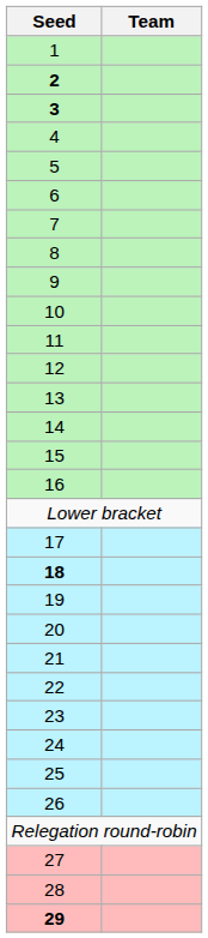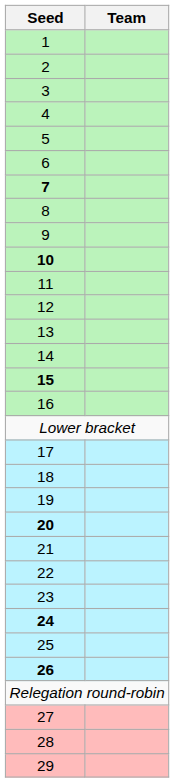 <table class="wikitable" style="float:right;text-align:center;font-size: 90%;">
 <tr>
 <th>Seed</th>
 <th>Team</th>
 </tr>
 <tr style="background-color:#BBF3BB;">
 <td>1</td>
 <td style="text-align:left;"></td>
 </tr>
 <tr style="background-color:#BBF3BB;">
-<td><strong>2</strong></td>
+<td>2</td>
 <td style="text-align:left;"></td>
 </tr>
 <tr style="background-color:#BBF3BB;">
-<td><strong>3</strong></td>
+<td>3</td>
 <td style="text-align:left;"></td>
 </tr>
 <tr style="background-color:#BBF3BB;">
 <td>4</td>
 <td style="text-align:left;"></td>
 </tr>
 <tr style="background-color:#BBF3BB;">
 <td>5</td>
 <td style="text-align:left;"></td>
 </tr>
 <tr style="background-color:#BBF3BB;">
 <td>6</td>
 <td style="text-align:left;"></td>
 </tr>
 <tr style="background-color:#BBF3BB;">
-<td>7</td>
+<td><strong>7</strong></td>
 <td style="text-align:left;"></td>
 </tr>
 <tr style="background-color:#BBF3BB;">
 <td>8</td>
 <td style="text-align:left;"></td>
 </tr>
 <tr style="background-color:#BBF3BB;">
 <td>9</td>
 <td style="text-align:left;"></td>
 </tr>
 <tr style="background-color:#BBF3BB;">
-<td>10</td>
+<td><strong>10</strong></td>
 <td style="text-align:left;"></td>
 </tr>
 <tr style="background-color:#BBF3BB;">
 <td>11</td>
 <td style="text-align:left;"></td>
 </tr>
 <tr style="background-color:#BBF3BB;">
 <td>12</td>
 <td style="text-align:left;"></td>
 </tr>
 <tr style="background-color:#BBF3BB;">
 <td>13</td>
 <td style="text-align:left;"></td>
 </tr>
 <tr style="background-color:#BBF3BB;">
 <td>14</td>
 <td style="text-align:left;"></td>
 </tr>
 <tr style="background-color:#BBF3BB;">
-<td>15</td>
+<td><strong>15</strong></td>
 <td style="text-align:left;"></td>
 </tr>
 <tr style="background-color:#BBF3BB;">
 <td>16</td>
 <td style="text-align:left;"></td>
 </tr>
 <tr>
 <td colspan="2"><em>Lower bracket</em></td>
 </tr>
 <tr style="background-color:#BBF3FF;">
 <td>17</td>
 <td style="text-align:left;"></td>
 </tr>
 <tr style="background-color:#BBF3FF;">
-<td><strong>18</strong></td>
+<td>18</td>
 <td style="text-align:left;"></td>
 </tr>
 <tr style="background-color:#BBF3FF;">
 <td>19</td>
 <td style="text-align:left;"></td>
 </tr>
 <tr style="background-color:#BBF3FF;">
-<td>20</td>
+<td><strong>20</strong></td>
 <td style="text-align:left;"></td>
 </tr>
 <tr style="background-color:#BBF3FF;">
 <td>21</td>
 <td style="text-align:left;"></td>
 </tr>
 <tr style="background-color:#BBF3FF;">
 <td>22</td>
 <td style="text-align:left;"></td>
 </tr>
 <tr style="background-color:#BBF3FF;">
 <td>23</td>
 <td style="text-align:left;"></td>
 </tr>
 <tr style="background-color:#BBF3FF;">
-<td>24</td>
+<td><strong>24</strong></td>
 <td style="text-align:left;"></td>
 </tr>
 <tr style="background-color:#BBF3FF;">
 <td>25</td>
 <td style="text-align:left;"></td>
 </tr>
 <tr style="background-color:#BBF3FF;">
-<td>26</td>
+<td><strong>26</strong></td>
 <td style="text-align:left;"></td>
 </tr>
 <tr>
 <td colspan="2"><em>Relegation round-robin</em></td>
 </tr>
 <tr style="background-color:#FFBBBB;">
 <td>27</td>
 <td style="text-align:left;"></td>
 </tr>
 <tr style="background-color:#FFBBBB;">
 <td>28</td>
 <td style="text-align:left;"></td>
 </tr>
 <tr style="background-color:#FFBBBB;">
-<td><strong>29</strong></td>
+<td>29</td>
 <td style="text-align:left;"></td>
 </tr>
 </table>
